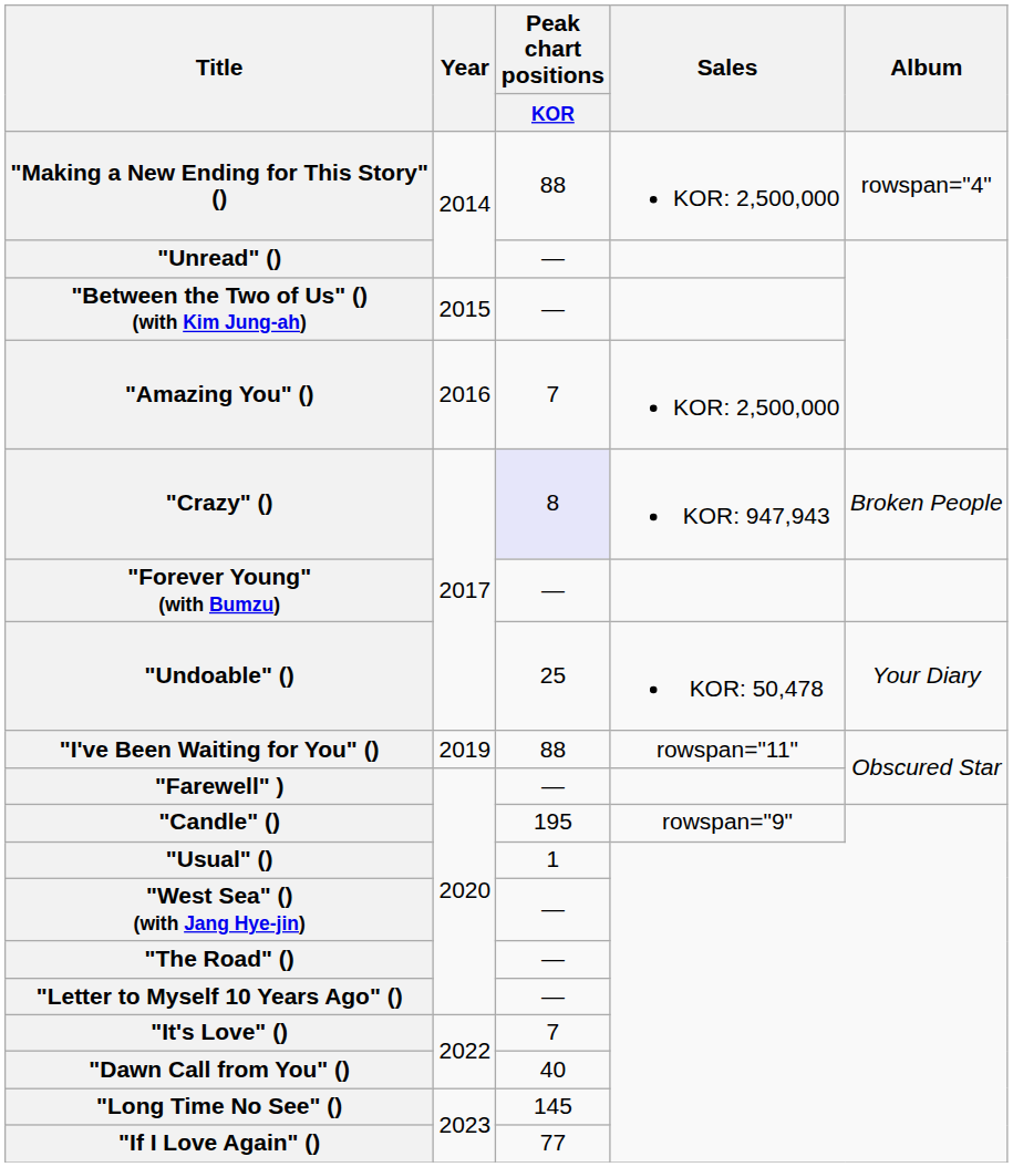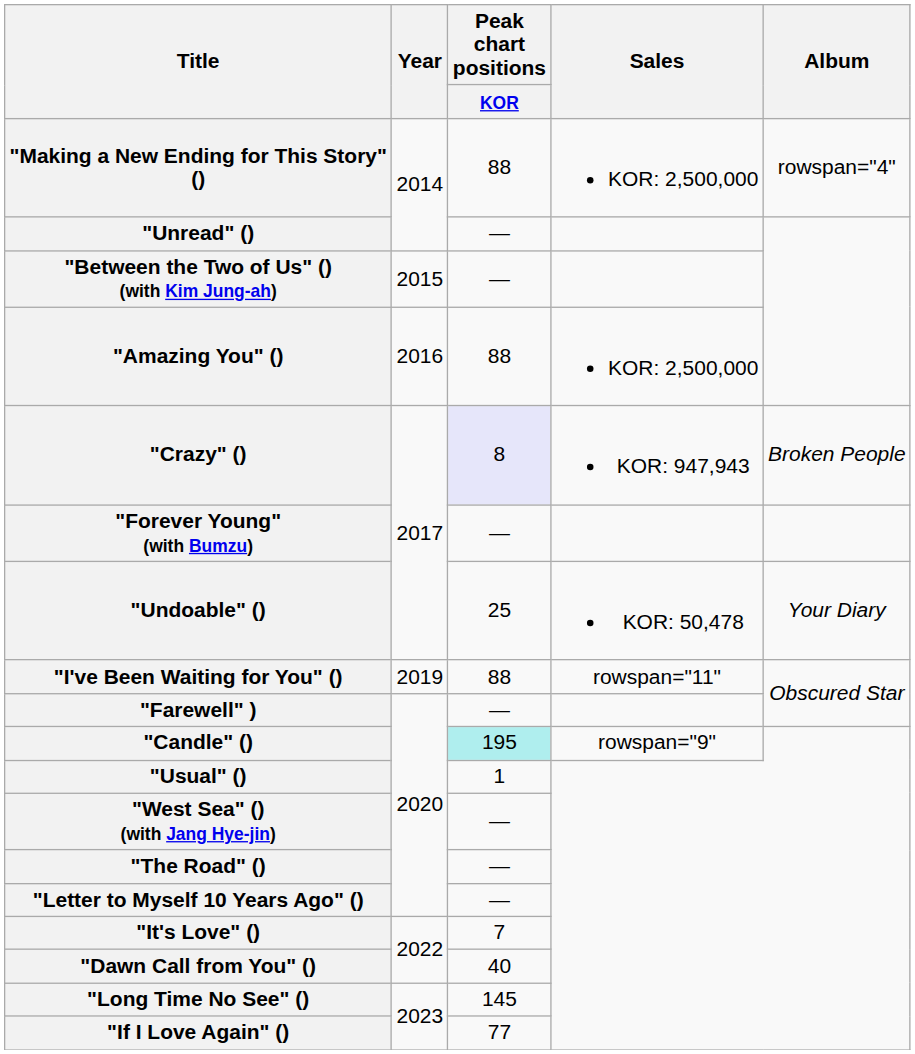 <table class="wikitable plainrowheaders" style="text-align:center;">
 <tr>
 <th scope="col" rowspan="2">Title</th>
 <th scope="col" rowspan="2">Year</th>
 <th scope="col" colspan="1" style="width:3em;">Peak chart positions</th>
 <th scope="col" rowspan="2">Sales</th>
 <th scope="col" rowspan="2">Album</th>
 </tr>
 <tr>
 <th><small><a href='#'>KOR</a></small><br></th>
 </tr>
 <tr>
 <th scope="row">"Making a New Ending for This Story"<br>()</th>
 <td rowspan="2">2014</td>
 <td>88</td>
 <td><br><ul><li>KOR: 2,500,000</li></ul></td>
 <td>rowspan="4" </td>
 </tr>
 <tr>
 <th scope="row">"Unread" ()</th>
 <td>—</td>
 <td></td>
 </tr>
 <tr>
 <th scope="row">"Between the Two of Us" ()<br><small>(with <a href='#'>Kim Jung-ah</a>)</small></th>
 <td>2015</td>
 <td>—</td>
 <td></td>
 </tr>
 <tr>
 <th scope="row">"Amazing You" ()</th>
 <td>2016</td>
-<td>7</td>
+<td>88</td>
 <td><br><ul><li>KOR: 2,500,000</li></ul></td>
 </tr>
 <tr>
 <th scope="row">"Crazy" ()</th>
 <td rowspan="3">2017</td>
 <td style="background: lavender;">8</td>
 <td><br><ul><li>KOR: 947,943</li></ul></td>
 <td><em>Broken People</em></td>
 </tr>
 <tr>
 <th scope="row">"Forever Young"<br><small>(with <a href='#'>Bumzu</a>)</small></th>
 <td>—</td>
 <td></td>
 <td></td>
 </tr>
 <tr>
 <th scope="row">"Undoable" ()</th>
 <td>25</td>
 <td><br><ul><li>KOR: 50,478</li></ul></td>
 <td><em>Your Diary</em></td>
 </tr>
 <tr>
 <th scope="row">"I've Been Waiting for You" ()</th>
 <td>2019</td>
 <td>88</td>
 <td>rowspan="11" </td>
 <td rowspan="2"><em>Obscured Star</em></td>
 </tr>
 <tr>
 <th scope="row">"Farewell" )</th>
 <td rowspan="6">2020</td>
 <td>—</td>
 </tr>
 <tr>
 <th scope="row">"Candle" ()</th>
-<td>195</td>
+<td style="background: paleturquoise;">195</td>
 <td>rowspan="9" </td>
 </tr>
 <tr>
 <th scope="row">"Usual" ()</th>
 <td>1</td>
 </tr>
 <tr>
 <th scope="row">"West Sea" ()<br><small>(with <a href='#'>Jang Hye-jin</a>)</small></th>
 <td>—</td>
 </tr>
 <tr>
 <th scope="row">"The Road" ()</th>
 <td>—</td>
 </tr>
 <tr>
 <th scope="row">"Letter to Myself 10 Years Ago" ()</th>
 <td>—</td>
 </tr>
 <tr>
 <th scope="row">"It's Love" ()</th>
 <td rowspan="2">2022</td>
 <td>7</td>
 </tr>
 <tr>
 <th scope="row">"Dawn Call from You" ()</th>
 <td>40</td>
 </tr>
 <tr>
 <th scope="row">"Long Time No See" ()</th>
 <td rowspan="2">2023</td>
 <td>145</td>
 </tr>
 <tr>
 <th scope="row">"If I Love Again" ()</th>
 <td>77</td>
 </tr>
 </table>
